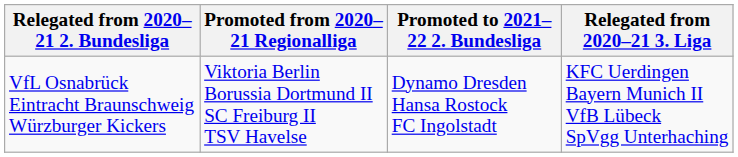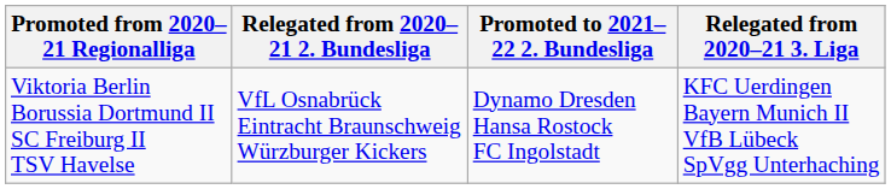 <table class="wikitable">
 <tr>
+<th>Promoted from <a href='#'>2020–21 Regionalliga</a></th>
 <th>Relegated from <a href='#'>2020–21 2. Bundesliga</a></th>
-<th>Promoted from <a href='#'>2020–21 Regionalliga</a></th>
 <th>Promoted to <a href='#'>2021–22 2. Bundesliga</a></th>
 <th>Relegated from <a href='#'>2020–21 3. Liga</a></th>
 </tr>
 <tr>
+<td><a href='#'>Viktoria Berlin</a><br><a href='#'>Borussia Dortmund II</a><br><a href='#'>SC Freiburg II</a><br><a href='#'>TSV Havelse</a></td>
 <td><a href='#'>VfL Osnabrück</a><br><a href='#'>Eintracht Braunschweig</a><br><a href='#'>Würzburger Kickers</a></td>
-<td><a href='#'>Viktoria Berlin</a><br><a href='#'>Borussia Dortmund II</a><br><a href='#'>SC Freiburg II</a><br><a href='#'>TSV Havelse</a></td>
 <td><a href='#'>Dynamo Dresden</a><br><a href='#'>Hansa Rostock</a><br><a href='#'>FC Ingolstadt</a></td>
 <td><a href='#'>KFC Uerdingen</a><br><a href='#'>Bayern Munich II</a><br><a href='#'>VfB Lübeck</a><br><a href='#'>SpVgg Unterhaching</a></td>
 </tr>
 </table>
